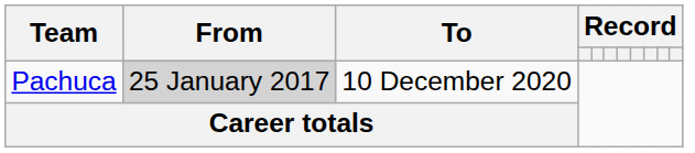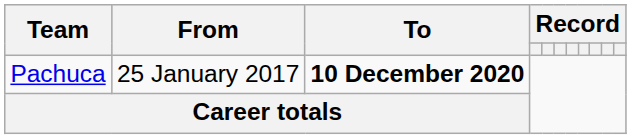 <table class="wikitable" style="text-align: center">
 <tr>
 <th rowspan=2>Team</th>
 <th rowspan=2>From</th>
 <th rowspan=2>To</th>
 <th colspan=8>Record</th>
 </tr>
 <tr>
 <th></th>
 <th></th>
 <th></th>
 <th></th>
 <th></th>
 <th></th>
 <th></th>
 <th></th>
 </tr>
 <tr>
 <td><a href='#'>Pachuca</a></td>
-<td style="background: lightgrey;">25 January 2017</td>
-<td>10 December 2020<br></td>
+<td>25 January 2017</td>
+<td><strong>10 December 2020<br></strong></td>
 </tr>
 <tr>
 <th colspan=3>Career totals<br></th>
 </tr>
 </table>
